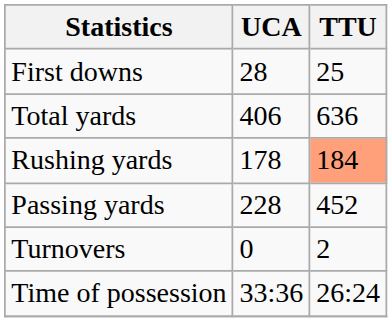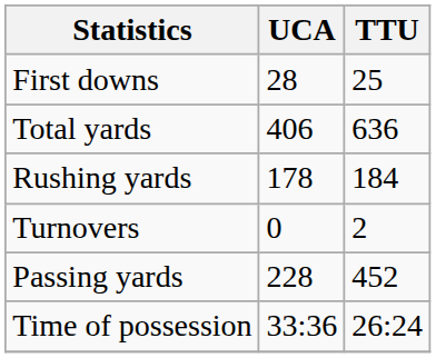 <table class="wikitable" style="float: left;">
 <tr>
 <th>Statistics</th>
 <th>UCA</th>
 <th>TTU</th>
 </tr>
 <tr>
 <td>First downs</td>
 <td>28</td>
 <td>25</td>
 </tr>
 <tr>
 <td>Total yards</td>
 <td>406</td>
 <td>636</td>
 </tr>
 <tr>
 <td>Rushing yards</td>
 <td>178</td>
-<td style="background: lightsalmon;">184</td>
+<td>184</td>
+</tr>
+<tr>
+<td>Turnovers</td>
+<td>0</td>
+<td>2</td>
 </tr>
 <tr>
 <td>Passing yards</td>
 <td>228</td>
 <td>452</td>
-</tr>
-<tr>
-<td>Turnovers</td>
-<td>0</td>
-<td>2</td>
 </tr>
 <tr>
 <td>Time of possession</td>
 <td>33:36</td>
 <td>26:24</td>
 </tr>
 <tr>
 </tr>
 </table>
